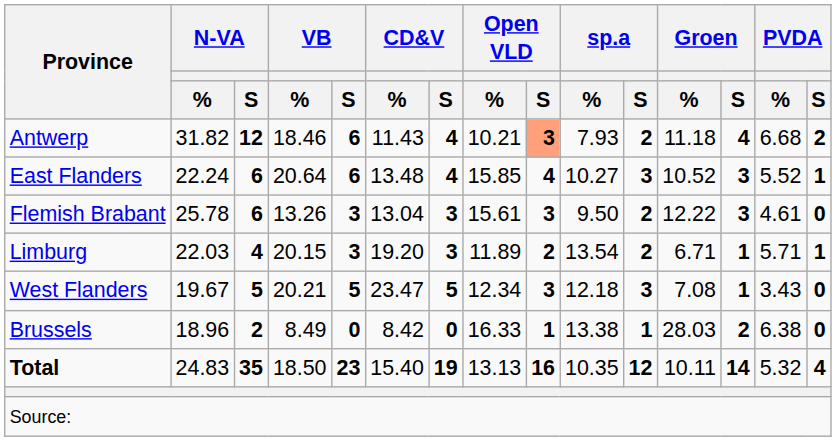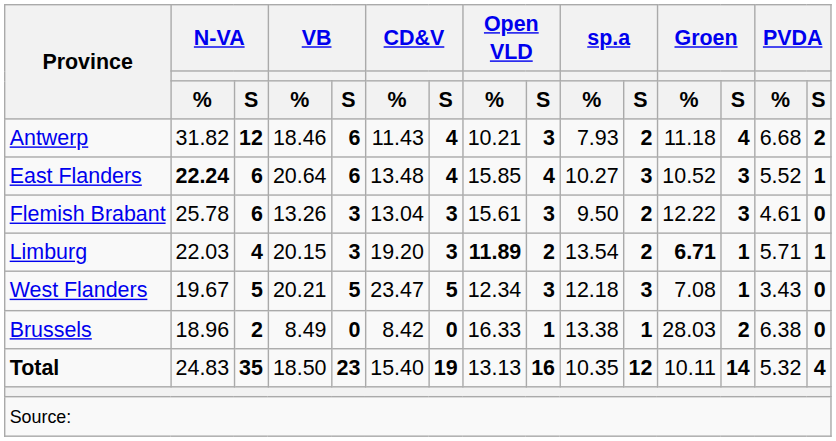 <table class="wikitable sortable" style="text-align:right; font-size:95%; line-height:20px;">
 <tr>
 <th rowspan="3">Province</th>
 <th colspan="2" width="30px" class="unsortable"><a href='#'>N-VA</a></th>
 <th colspan="2" width="30px" class="unsortable"><a href='#'>VB</a></th>
 <th colspan="2" width="30px" class="unsortable"><a href='#'>CD&V</a></th>
 <th colspan="2" width="30px" class="unsortable"><a href='#'>Open VLD</a></th>
 <th colspan="2"><a href='#'>sp.a</a></th>
 <th colspan="2"><a href='#'>Groen</a></th>
 <th colspan="2" width="30px" class="unsortable"><a href='#'>PVDA</a></th>
 </tr>
 <tr>
 <th colspan="2" style="background:"></th>
 <th colspan="2" style="background:"></th>
 <th colspan="2" style="background:"></th>
 <th colspan="2" style="background:"></th>
 <th colspan="2" style="background: "></th>
 <th colspan="2" style="background: "></th>
 <th colspan="2" style="background: "></th>
 </tr>
 <tr>
 <th data-sort-type="number">%</th>
 <th data-sort-type="number">S</th>
 <th data-sort-type="number">%</th>
 <th data-sort-type="number">S</th>
 <th data-sort-type="number">%</th>
 <th data-sort-type="number">S</th>
 <th data-sort-type="number">%</th>
 <th data-sort-type="number">S</th>
 <th>%</th>
 <th>S</th>
 <th>%</th>
 <th>S</th>
 <th data-sort-type="number">%</th>
 <th data-sort-type="number">S</th>
 </tr>
 <tr>
 <td align="left"><a href='#'>Antwerp</a></td>
 <td style="background:">31.82</td>
 <td><strong>12</strong></td>
 <td>18.46</td>
 <td><strong>6</strong></td>
 <td>11.43</td>
 <td><strong>4</strong></td>
 <td>10.21</td>
-<td style="background: lightsalmon;"><strong>3</strong></td>
+<td><strong>3</strong></td>
 <td>7.93</td>
 <td><strong>2</strong></td>
 <td>11.18</td>
 <td><strong>4</strong></td>
 <td>6.68</td>
 <td><strong>2</strong></td>
 </tr>
 <tr>
 <td align="left"><a href='#'>East Flanders</a></td>
-<td style="background:">22.24</td>
+<td style="background:"><strong>22.24</strong></td>
 <td><strong>6</strong></td>
 <td>20.64</td>
 <td><strong>6</strong></td>
 <td>13.48</td>
 <td><strong>4</strong></td>
 <td>15.85</td>
 <td><strong>4</strong></td>
 <td>10.27</td>
 <td><strong>3</strong></td>
 <td>10.52</td>
 <td><strong>3</strong></td>
 <td>5.52</td>
 <td><strong>1</strong></td>
 </tr>
 <tr>
 <td align="left"><a href='#'>Flemish Brabant</a></td>
 <td style="background:">25.78</td>
 <td><strong>6</strong></td>
 <td>13.26</td>
 <td><strong>3</strong></td>
 <td>13.04</td>
 <td><strong>3</strong></td>
 <td>15.61</td>
 <td><strong>3</strong></td>
 <td>9.50</td>
 <td><strong>2</strong></td>
 <td>12.22</td>
 <td><strong>3</strong></td>
 <td>4.61</td>
 <td><strong>0</strong></td>
 </tr>
 <tr>
 <td align="left"><a href='#'>Limburg</a></td>
 <td style="background:">22.03</td>
 <td><strong>4</strong></td>
 <td>20.15</td>
 <td><strong>3</strong></td>
 <td>19.20</td>
 <td><strong>3</strong></td>
-<td>11.89</td>
+<td><strong>11.89</strong></td>
 <td><strong>2</strong></td>
 <td>13.54</td>
 <td><strong>2</strong></td>
-<td>6.71</td>
+<td><strong>6.71</strong></td>
 <td><strong>1</strong></td>
 <td>5.71</td>
 <td><strong>1</strong></td>
 </tr>
 <tr>
 <td align="left"><a href='#'>West Flanders</a></td>
 <td>19.67</td>
 <td><strong>5</strong></td>
 <td>20.21</td>
 <td><strong>5</strong></td>
 <td style="background:">23.47</td>
 <td><strong>5</strong></td>
 <td>12.34</td>
 <td><strong>3</strong></td>
 <td>12.18</td>
 <td><strong>3</strong></td>
 <td>7.08</td>
 <td><strong>1</strong></td>
 <td>3.43</td>
 <td><strong>0</strong></td>
 </tr>
 <tr>
 <td align="left"><a href='#'>Brussels</a></td>
 <td>18.96</td>
 <td><strong>2</strong></td>
 <td>8.49</td>
 <td><strong>0</strong></td>
 <td>8.42</td>
 <td><strong>0</strong></td>
 <td>16.33</td>
 <td><strong>1</strong></td>
 <td>13.38</td>
 <td><strong>1</strong></td>
 <td style="background:">28.03</td>
 <td><strong>2</strong></td>
 <td>6.38</td>
 <td><strong>0</strong></td>
 </tr>
 <tr>
 <td align="left"><strong>Total</strong></td>
 <td style="background:">24.83</td>
 <td><strong>35</strong></td>
 <td>18.50</td>
 <td><strong>23</strong></td>
 <td>15.40</td>
 <td><strong>19</strong></td>
 <td>13.13</td>
 <td><strong>16</strong></td>
 <td>10.35</td>
 <td><strong>12</strong></td>
 <td>10.11</td>
 <td><strong>14</strong></td>
 <td>5.32</td>
 <td><strong>4</strong></td>
 </tr>
 <tr>
 <th colspan="15"></th>
 </tr>
 <tr>
 <th colspan="15" style="text-align:left; font-weight:normal; background:#F9F9F9"><small>Source: </small></th>
 </tr>
 </table>
